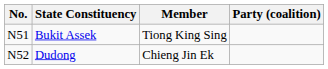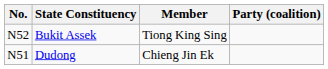 <table class="wikitable">
 <tr>
 <th>No.</th>
 <th>State Constituency</th>
 <th>Member</th>
 <th>Party (coalition)</th>
 </tr>
 <tr>
-<td>N51</td>
+<td>N52</td>
 <td><a href='#'>Bukit Assek</a></td>
 <td>Tiong King Sing</td>
 <td></td>
 </tr>
 <tr>
-<td>N52</td>
+<td>N51</td>
 <td><a href='#'>Dudong</a></td>
 <td>Chieng Jin Ek</td>
 <td></td>
 </tr>
 </table>
